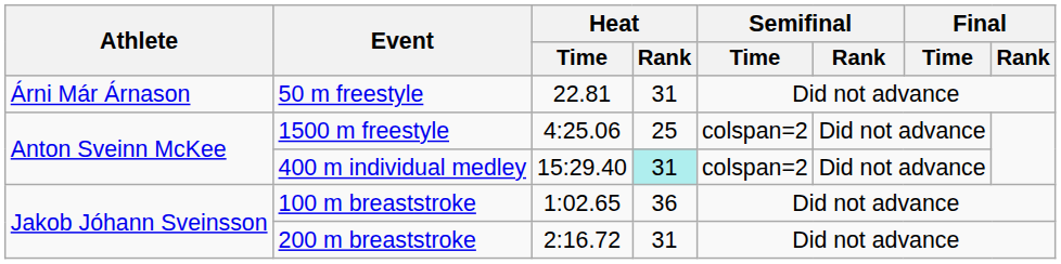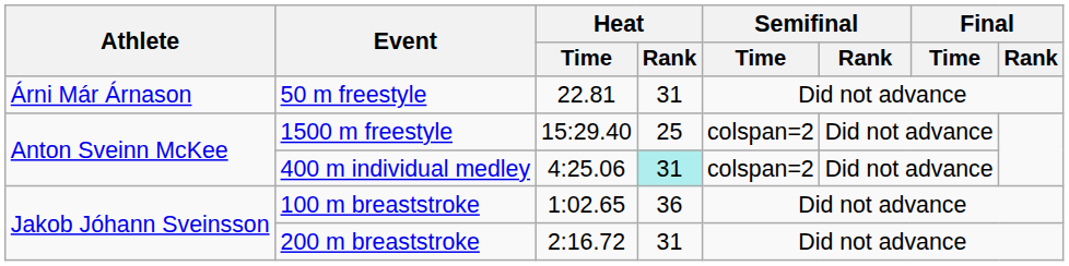 <table class=wikitable style="font-size:90%">
 <tr>
 <th rowspan=2>Athlete</th>
 <th rowspan=2>Event</th>
 <th colspan="2">Heat</th>
 <th colspan="2">Semifinal</th>
 <th colspan="2">Final</th>
 </tr>
 <tr style="font-size:95%">
 <th>Time</th>
 <th>Rank</th>
 <th>Time</th>
 <th>Rank</th>
 <th>Time</th>
 <th>Rank</th>
 </tr>
 <tr align=center>
 <td align=left><a href='#'>Árni Már Árnason</a></td>
 <td align=left><a href='#'>50 m freestyle</a></td>
 <td>22.81</td>
 <td>31</td>
 <td colspan=4>Did not advance</td>
 </tr>
 <tr align=center>
 <td align=left rowspan=2><a href='#'>Anton Sveinn McKee</a></td>
 <td align=left><a href='#'>1500 m freestyle</a></td>
-<td>4:25.06</td>
+<td>15:29.40</td>
 <td>25</td>
 <td>colspan=2 </td>
 <td colspan=2>Did not advance</td>
 </tr>
 <tr align=center>
 <td align=left><a href='#'>400 m individual medley</a></td>
-<td>15:29.40</td>
+<td>4:25.06</td>
 <td style="background: paleturquoise;">31</td>
 <td>colspan=2 </td>
 <td colspan=2>Did not advance</td>
 </tr>
 <tr align=center>
 <td align=left rowspan=2><a href='#'>Jakob Jóhann Sveinsson</a></td>
 <td align=left><a href='#'>100 m breaststroke</a></td>
 <td>1:02.65</td>
 <td>36</td>
 <td colspan=4>Did not advance</td>
 </tr>
 <tr align=center>
 <td align=left><a href='#'>200 m breaststroke</a></td>
 <td>2:16.72</td>
 <td>31</td>
 <td colspan=4>Did not advance</td>
 </tr>
 </table>
